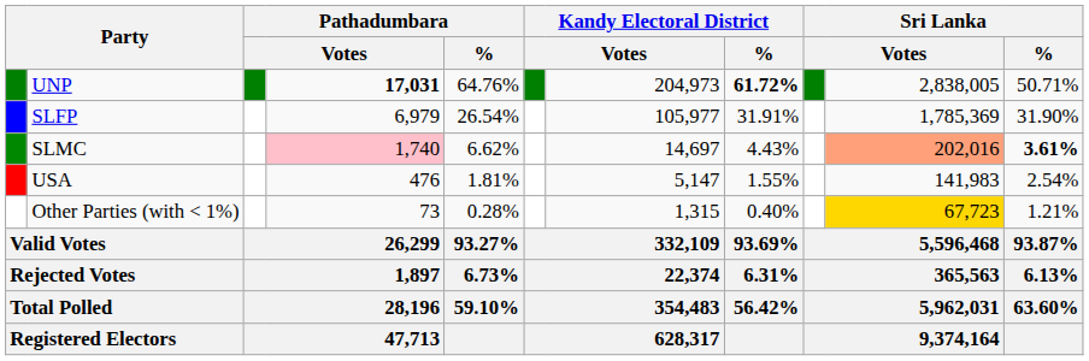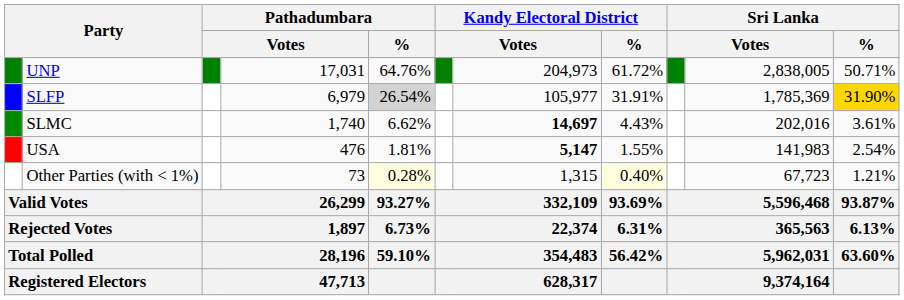 <table class="wikitable">
 <tr>
 <th colspan="2" width="144px"rowspan="2">Party</th>
 <th colspan="3" width="216px">Pathadumbara</th>
 <th colspan="3" width="216px"><a href='#'>Kandy Electoral District</a></th>
 <th colspan="3" width="216px">Sri Lanka</th>
 </tr>
 <tr>
 <th colspan="2" width="144px">Votes</th>
 <th>%</th>
 <th colspan="2" width="144px">Votes</th>
 <th>%</th>
 <th colspan="2" width="144px">Votes</th>
 <th>%</th>
 </tr>
 <tr>
 <td style="background-color:green;" width="10px"></td>
 <td style="text-align:left;"><a href='#'>UNP</a></td>
 <td style="background-color:green;" width="10px"></td>
-<td style="text-align:right;"><strong>17,031</strong></td>
+<td style="text-align:right;">17,031</td>
 <td style="text-align:right;">64.76%</td>
 <td style="background-color:green;" width="10px"></td>
 <td style="text-align:right;">204,973</td>
-<td style="text-align:right;"><strong>61.72%</strong></td>
+<td style="text-align:right;">61.72%</td>
 <td style="background-color:green;" width="10px"></td>
 <td style="text-align:right;">2,838,005</td>
 <td style="text-align:right;">50.71%</td>
 </tr>
 <tr>
 <td style="background-color:blue;" width="10px"></td>
 <td style="text-align:left;"><a href='#'>SLFP</a></td>
 <td style="background-color:white;" width="10px"></td>
 <td style="text-align:right;">6,979</td>
-<td style="text-align:right;">26.54%</td>
+<td style="background: lightgrey; text-align:right;">26.54%</td>
 <td style="background-color:white;" width="10px"></td>
 <td style="text-align:right;">105,977</td>
 <td style="text-align:right;">31.91%</td>
 <td style="background-color:white;" width="10px"></td>
 <td style="text-align:right;">1,785,369</td>
-<td style="text-align:right;">31.90%</td>
+<td style="background: gold; text-align:right;">31.90%</td>
 </tr>
 <tr>
 <td style="background-color:#008800;" width="10px"></td>
 <td style="text-align:left;">SLMC</td>
 <td style="background-color:white;" width="10px"></td>
-<td style="background: pink; text-align:right;">1,740</td>
+<td style="text-align:right;">1,740</td>
 <td style="text-align:right;">6.62%</td>
 <td style="background-color:white;" width="10px"></td>
-<td style="text-align:right;">14,697</td>
+<td style="text-align:right;"><strong>14,697</strong></td>
 <td style="text-align:right;">4.43%</td>
 <td style="background-color:white;" width="10px"></td>
-<td style="background: lightsalmon; text-align:right;">202,016</td>
-<td style="text-align:right;"><strong>3.61%</strong></td>
+<td style="text-align:right;">202,016</td>
+<td style="text-align:right;">3.61%</td>
 </tr>
 <tr>
 <td style="background-color:red;" width="10px"></td>
 <td style="text-align:left;">USA</td>
 <td style="background-color:white;" width="10px"></td>
 <td style="text-align:right;">476</td>
 <td style="text-align:right;">1.81%</td>
 <td style="background-color:white;" width="10px"></td>
-<td style="text-align:right;">5,147</td>
+<td style="text-align:right;"><strong>5,147</strong></td>
 <td style="text-align:right;">1.55%</td>
 <td style="background-color:white;" width="10px"></td>
 <td style="text-align:right;">141,983</td>
 <td style="text-align:right;">2.54%</td>
 </tr>
 <tr>
 <td style="background-color:white;" width="10px"></td>
 <td style="text-align:left;">Other Parties (with < 1%)</td>
 <td style="background-color:white;" width="10px"></td>
 <td style="text-align:right;">73</td>
-<td style="text-align:right;">0.28%</td>
+<td style="background: lightyellow; text-align:right;">0.28%</td>
 <td style="background-color:white;" width="10px"></td>
 <td style="text-align:right;">1,315</td>
-<td style="text-align:right;">0.40%</td>
+<td style="background: lightyellow; text-align:right;">0.40%</td>
 <td style="background-color:white;" width="10px"></td>
-<td style="background: gold; text-align:right;">67,723</td>
+<td style="text-align:right;">67,723</td>
 <td style="text-align:right;">1.21%</td>
 </tr>
 <tr>
 <th colspan="2" width="144px"style="text-align:left;">Valid Votes</th>
 <th style="text-align:right;"colspan="2" width="144px">26,299</th>
 <th style="text-align:right;">93.27%</th>
 <th style="text-align:right;"colspan="2" width="144px">332,109</th>
 <th style="text-align:right;">93.69%</th>
 <th style="text-align:right;"colspan="2" width="144px">5,596,468</th>
 <th style="text-align:right;">93.87%</th>
 </tr>
 <tr>
 <th colspan="2" width="144px"style="text-align:left;">Rejected Votes</th>
 <th style="text-align:right;"colspan="2" width="144px">1,897</th>
 <th style="text-align:right;">6.73%</th>
 <th style="text-align:right;"colspan="2" width="144px">22,374</th>
 <th style="text-align:right;">6.31%</th>
 <th style="text-align:right;"colspan="2" width="144px">365,563</th>
 <th style="text-align:right;">6.13%</th>
 </tr>
 <tr>
 <th colspan="2" width="144px"style="text-align:left;">Total Polled</th>
 <th style="text-align:right;"colspan="2" width="144px">28,196</th>
 <th style="text-align:right;">59.10%</th>
 <th style="text-align:right;"colspan="2" width="144px">354,483</th>
 <th style="text-align:right;">56.42%</th>
 <th style="text-align:right;"colspan="2" width="144px">5,962,031</th>
 <th style="text-align:right;">63.60%</th>
 </tr>
 <tr>
 <th colspan="2" width="144px"style="text-align:left;">Registered Electors</th>
 <th style="text-align:right;"colspan="2" width="144px">47,713</th>
 <th></th>
 <th style="text-align:right;"colspan="2" width="144px">628,317</th>
 <th></th>
 <th style="text-align:right;"colspan="2" width="144px">9,374,164</th>
 <th></th>
 </tr>
 </table>
